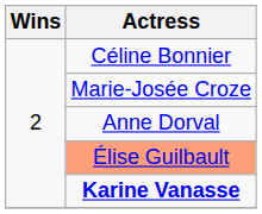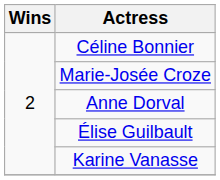 <table class="wikitable" style="text-align:center;">
 <tr>
 <th scope="col" width="9">Wins</th>
 <th scope="col" align="center">Actress</th>
 </tr>
 <tr>
 <td rowspan="5" style="text-align:center;">2</td>
 <td><a href='#'>Céline Bonnier</a></td>
 </tr>
 <tr>
 <td><a href='#'>Marie-Josée Croze</a></td>
 </tr>
 <tr>
 <td><a href='#'>Anne Dorval</a></td>
 </tr>
 <tr>
-<td style="background: lightsalmon;"><a href='#'>Élise Guilbault</a></td>
+<td><a href='#'>Élise Guilbault</a></td>
 </tr>
 <tr>
-<td><strong><a href='#'>Karine Vanasse</a></strong></td>
+<td><a href='#'>Karine Vanasse</a></td>
 </tr>
 <tr>
 </tr>
 </table>
